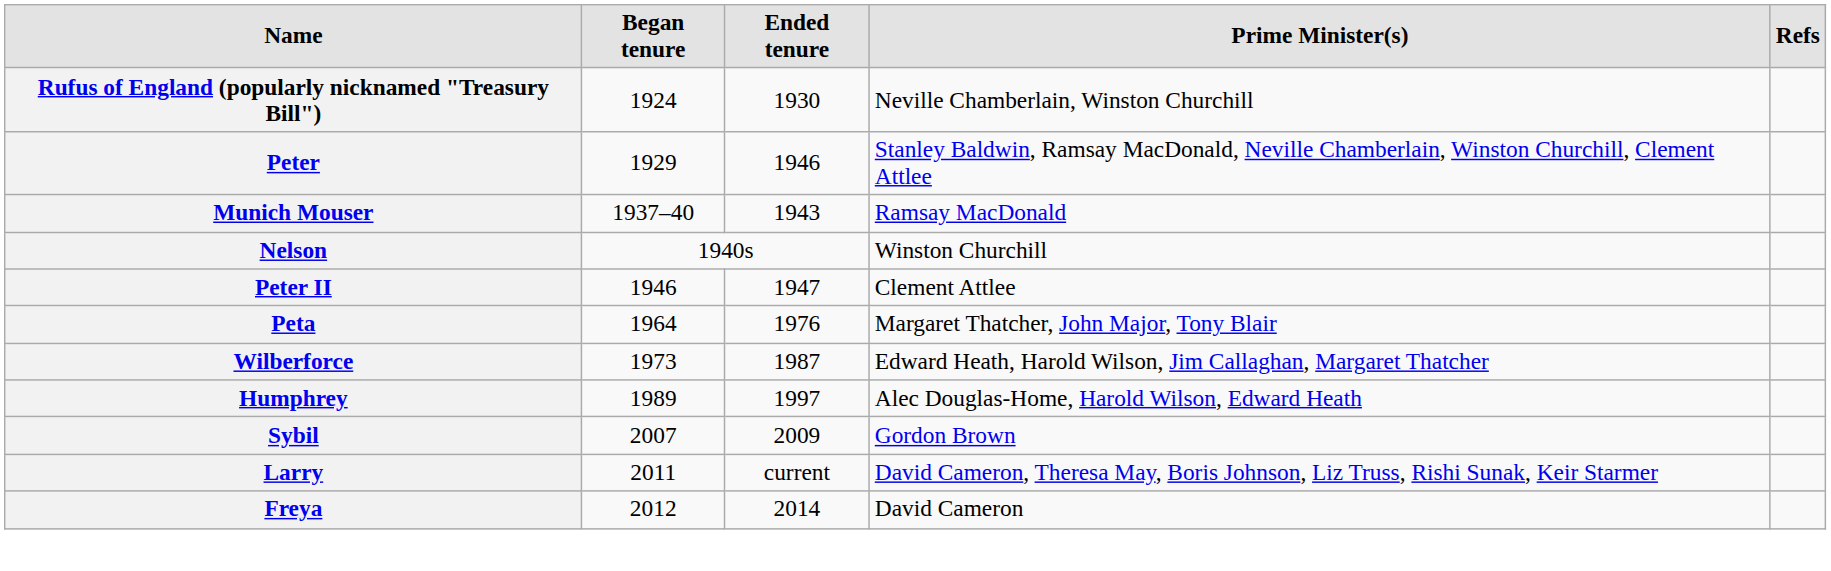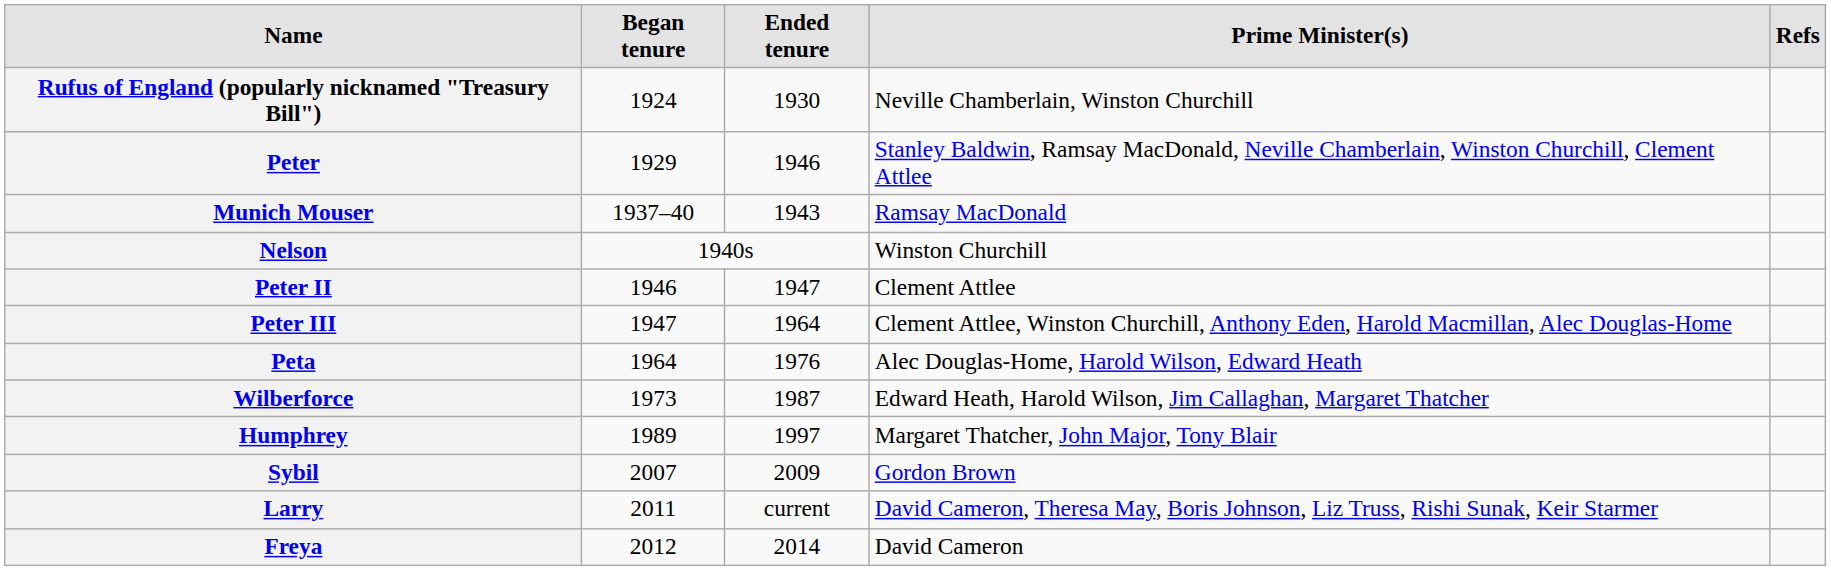 <table class="wikitable plainrowheaders">
 <tr>
 <th scope="column" style="background: #e3e3e3; align:center;">Name</th>
 <th scope="column" style="background: #e3e3e3; align:center;">Began tenure</th>
 <th scope="column" style="background: #e3e3e3; align:center;">Ended tenure</th>
 <th scope="column" style="background: #e3e3e3; align:center;">Prime Minister(s)</th>
 <th scope="column" style="background: #e3e3e3; align:center;">Refs</th>
 </tr>
 <tr>
 <th scope="row" style="text-align:center;"><a href='#'>Rufus of England</a> (popularly nicknamed "Treasury Bill")</th>
 <td style="text-align:center;">1924</td>
 <td style="text-align:center;"> 1930</td>
 <td>Neville Chamberlain, Winston Churchill</td>
 <td style="text-align:center;"></td>
 </tr>
 <tr>
 <th scope="row" style="text-align:center;"><a href='#'>Peter</a></th>
 <td style="text-align:center;">1929</td>
 <td style="text-align:center;">1946</td>
 <td><a href='#'>Stanley Baldwin</a>, Ramsay MacDonald, <a href='#'>Neville Chamberlain</a>, <a href='#'>Winston Churchill</a>, <a href='#'>Clement Attlee</a></td>
 <td style="text-align:center;"></td>
 </tr>
 <tr>
 <th scope="row" style="text-align:center;"><a href='#'>Munich Mouser</a></th>
 <td style="text-align:center;">1937–40</td>
 <td style="text-align:center;">1943</td>
 <td><a href='#'>Ramsay MacDonald</a></td>
 <td style="text-align:center;"></td>
 </tr>
 <tr>
 <th scope="row" style="text-align:center;"><a href='#'>Nelson</a></th>
 <td colspan="2" style="text-align:center;">1940s</td>
 <td>Winston Churchill</td>
 <td style="text-align:center;"></td>
 </tr>
 <tr>
 <th scope="row" style="text-align:center;"><a href='#'>Peter II</a></th>
 <td style="text-align:center;">1946</td>
 <td style="text-align:center;">1947</td>
 <td>Clement Attlee</td>
 <td style="text-align:center;"></td>
 </tr>
 <tr>
+<th scope="row" style="text-align:center;"><a href='#'>Peter III</a></th>
+<td style="text-align:center;">1947</td>
+<td style="text-align:center;">1964</td>
+<td>Clement Attlee, Winston Churchill, <a href='#'>Anthony Eden</a>, <a href='#'>Harold Macmillan</a>, <a href='#'>Alec Douglas-Home</a></td>
+<td style="text-align:center;"></td>
+</tr>
+<tr>
 <th scope="row" style="text-align:center;"><a href='#'>Peta</a></th>
 <td style="text-align:center;">1964</td>
 <td style="text-align:center;"> 1976</td>
-<td>Margaret Thatcher, <a href='#'>John Major</a>, <a href='#'>Tony Blair</a></td>
+<td>Alec Douglas-Home, <a href='#'>Harold Wilson</a>, <a href='#'>Edward Heath</a></td>
 <td style="text-align:center;"></td>
 </tr>
 <tr>
 <th scope="row" style="text-align:center;"><a href='#'>Wilberforce</a></th>
 <td style="text-align:center;">1973</td>
 <td style="text-align:center;">1987</td>
 <td>Edward Heath, Harold Wilson, <a href='#'>Jim Callaghan</a>, <a href='#'>Margaret Thatcher</a></td>
 <td style="text-align:center;"></td>
 </tr>
 <tr>
 <th scope="row" style="text-align:center;"><a href='#'>Humphrey</a></th>
 <td style="text-align:center;">1989</td>
 <td style="text-align:center;">1997</td>
-<td>Alec Douglas-Home, <a href='#'>Harold Wilson</a>, <a href='#'>Edward Heath</a></td>
+<td>Margaret Thatcher, <a href='#'>John Major</a>, <a href='#'>Tony Blair</a></td>
 <td style="text-align:center;"></td>
 </tr>
 <tr>
 <th scope="row" style="text-align:center;"><a href='#'>Sybil</a></th>
 <td style="text-align:center;">2007</td>
 <td style="text-align:center;">2009</td>
 <td><a href='#'>Gordon Brown</a></td>
 <td style="text-align:center;"></td>
 </tr>
 <tr>
 <th scope="row" style="text-align:center;"><a href='#'>Larry</a></th>
 <td style="text-align:center;">2011</td>
 <td style="text-align:center;">current</td>
 <td><a href='#'>David Cameron</a>, <a href='#'>Theresa May</a>, <a href='#'>Boris Johnson</a>, <a href='#'>Liz Truss</a>, <a href='#'>Rishi Sunak</a>, <a href='#'>Keir Starmer</a></td>
 <td style="text-align:center;"></td>
 </tr>
 <tr>
 <th scope="row" style="text-align:center;"><a href='#'>Freya</a></th>
 <td style="text-align:center;">2012</td>
 <td style="text-align:center;">2014</td>
 <td>David Cameron</td>
 <td style="text-align:center;"></td>
 </tr>
 </table>
